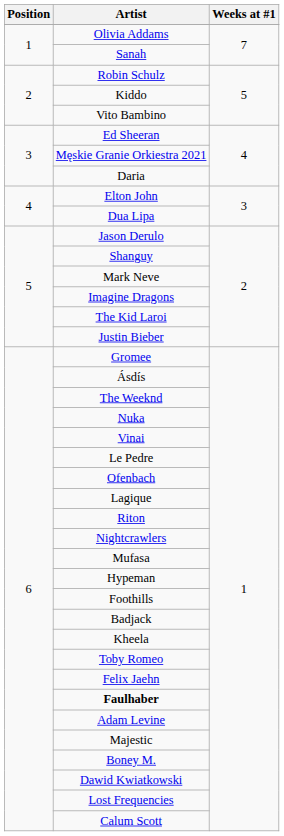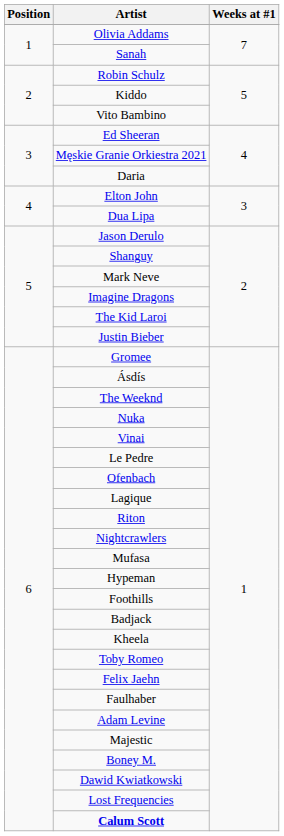 <table class="wikitable" style="font-size:97%;">
 <tr>
 <th>Position</th>
 <th>Artist</th>
 <th>Weeks at #1</th>
 </tr>
 <tr style="text-align:center;">
 </tr>
 <tr style="text-align:center;">
 <td rowspan="2">1</td>
 <td style="text-align:center;"><a href='#'>Olivia Addams</a></td>
 <td rowspan="2">7</td>
 </tr>
 <tr>
 <td style="text-align:center;"><a href='#'>Sanah</a></td>
 </tr>
 <tr style="text-align:center;">
 <td rowspan="3">2</td>
 <td style="text-align:center;"><a href='#'>Robin Schulz</a></td>
 <td rowspan="3">5</td>
 </tr>
 <tr>
 <td style="text-align:center;">Kiddo<br></td>
 </tr>
 <tr>
 <td style="text-align:center;">Vito Bambino</td>
 </tr>
 <tr style="text-align:center;">
 <td rowspan="3">3</td>
 <td style="text-align:center;"><a href='#'>Ed Sheeran</a></td>
 <td rowspan="3">4</td>
 </tr>
 <tr>
 <td style="text-align:center;"><a href='#'>Męskie Granie Orkiestra 2021</a></td>
 </tr>
 <tr>
 <td style="text-align:center;">Daria</td>
 </tr>
 <tr style="text-align:center;">
 <td rowspan="2">4</td>
 <td style="text-align:center;"><a href='#'>Elton John</a></td>
 <td rowspan="2">3</td>
 </tr>
 <tr>
 <td style="text-align:center;"><a href='#'>Dua Lipa</a></td>
 </tr>
 <tr style="text-align:center;">
 <td rowspan="6">5</td>
 <td style="text-align:center;"><a href='#'>Jason Derulo</a></td>
 <td rowspan="6">2</td>
 </tr>
 <tr>
 <td style="text-align:center;"><a href='#'>Shanguy</a></td>
 </tr>
 <tr>
 <td style="text-align:center;">Mark Neve</td>
 </tr>
 <tr>
 <td style="text-align:center;"><a href='#'>Imagine Dragons</a></td>
 </tr>
 <tr>
 <td style="text-align:center;"><a href='#'>The Kid Laroi</a></td>
 </tr>
 <tr>
 <td style="text-align:center;"><a href='#'>Justin Bieber</a></td>
 </tr>
 <tr style="text-align:center;">
 <td rowspan="25">6</td>
 <td style="text-align:center;"><a href='#'>Gromee</a></td>
 <td rowspan="25">1</td>
 </tr>
 <tr>
 <td style="text-align:center;">Ásdís<br></td>
 </tr>
 <tr>
 <td style="text-align:center;"><a href='#'>The Weeknd</a></td>
 </tr>
 <tr>
 <td style="text-align:center;"><a href='#'>Nuka</a></td>
 </tr>
 <tr>
 <td style="text-align:center;"><a href='#'>Vinai</a></td>
 </tr>
 <tr>
 <td style="text-align:center;">Le Pedre</td>
 </tr>
 <tr>
 <td style="text-align:center;"><a href='#'>Ofenbach</a></td>
 </tr>
 <tr>
 <td style="text-align:center;">Lagique<br></td>
 </tr>
 <tr>
 <td style="text-align:center;"><a href='#'>Riton</a></td>
 </tr>
 <tr>
 <td style="text-align:center;"><a href='#'>Nightcrawlers</a></td>
 </tr>
 <tr>
 <td style="text-align:center;">Mufasa<br></td>
 </tr>
 <tr>
 <td style="text-align:center;">Hypeman<br></td>
 </tr>
 <tr>
 <td style="text-align:center;">Foothills</td>
 </tr>
 <tr>
 <td style="text-align:center;">Badjack</td>
 </tr>
 <tr>
 <td style="text-align:center;">Kheela<br></td>
 </tr>
 <tr>
 <td style="text-align:center;"><a href='#'>Toby Romeo</a></td>
 </tr>
 <tr>
 <td style="text-align:center;"><a href='#'>Felix Jaehn</a></td>
 </tr>
 <tr>
-<td style="text-align:center;"><strong>Faulhaber</strong></td>
+<td style="text-align:center;">Faulhaber</td>
 </tr>
 <tr>
 <td style="text-align:center;"><a href='#'>Adam Levine</a></td>
 </tr>
 <tr>
 <td style="text-align:center;">Majestic</td>
 </tr>
 <tr>
 <td style="text-align:center;"><a href='#'>Boney M.</a></td>
 </tr>
 <tr>
 <td style="text-align:center;"><a href='#'>Dawid Kwiatkowski</a></td>
 </tr>
 <tr>
 <td style="text-align:center;"><a href='#'>Lost Frequencies</a></td>
 </tr>
 <tr>
-<td style="text-align:center;"><a href='#'>Calum Scott</a></td>
+<td style="text-align:center;"><strong><a href='#'>Calum Scott</a></strong></td>
 </tr>
 </table>
